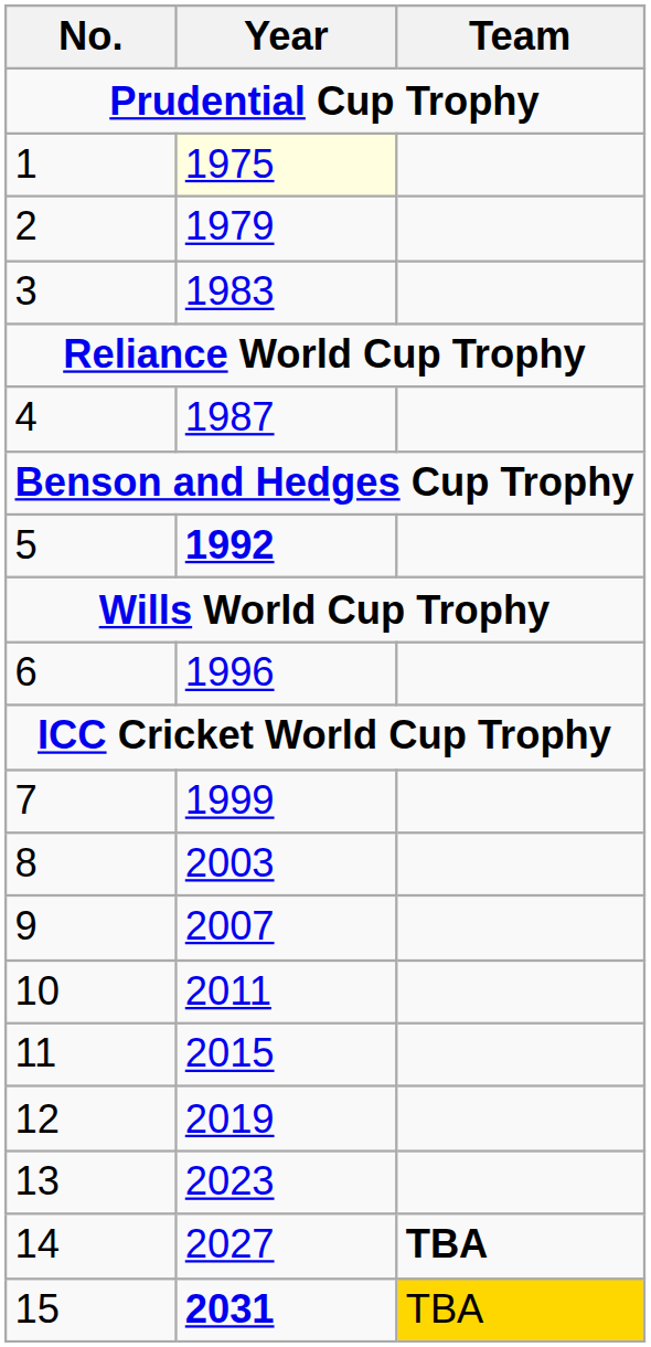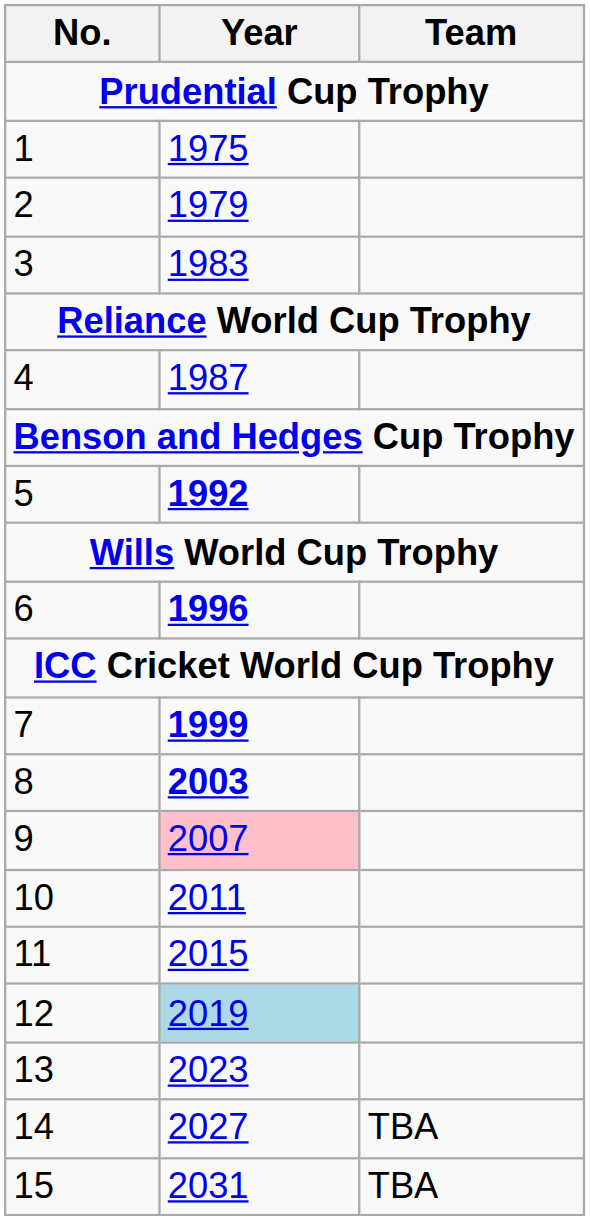 <table class="wikitable" align="center">
 <tr>
 <th scope="col">No.</th>
 <th scope="col">Year</th>
 <th scope="col">Team</th>
 </tr>
 <tr>
 <td colspan="3" style="text-align:center"><strong><a href='#'>Prudential</a> Cup Trophy</strong></td>
 </tr>
 <tr>
 <td>1</td>
-<td style="background: lightyellow;"><a href='#'>1975</a></td>
+<td><a href='#'>1975</a></td>
 <td></td>
 </tr>
 <tr>
 <td>2</td>
 <td><a href='#'>1979</a></td>
 <td></td>
 </tr>
 <tr>
 <td>3</td>
 <td><a href='#'>1983</a></td>
 <td></td>
 </tr>
 <tr>
 <td colspan="3" style="text-align:center"><strong><a href='#'>Reliance</a> World Cup Trophy</strong></td>
 </tr>
 <tr>
 <td>4</td>
 <td><a href='#'>1987</a></td>
 <td></td>
 </tr>
 <tr>
 <td colspan="4" style="text-align:center"><strong><a href='#'>Benson and Hedges</a> Cup Trophy</strong></td>
 </tr>
 <tr>
 <td>5</td>
 <td><strong><a href='#'>1992</a></strong></td>
 <td></td>
 </tr>
 <tr>
 <td colspan="3" style="text-align:center"><strong><a href='#'>Wills</a> World Cup Trophy</strong></td>
 </tr>
 <tr>
 <td>6</td>
-<td><a href='#'>1996</a></td>
+<td><strong><a href='#'>1996</a></strong></td>
 <td></td>
 </tr>
 <tr>
 <td colspan="3" style="text-align:center"><strong><a href='#'>ICC</a> Cricket World Cup Trophy</strong></td>
 </tr>
 <tr>
 <td>7</td>
-<td><a href='#'>1999</a></td>
+<td><strong><a href='#'>1999</a></strong></td>
 <td></td>
 </tr>
 <tr>
 <td>8</td>
-<td><a href='#'>2003</a></td>
+<td><strong><a href='#'>2003</a></strong></td>
 <td></td>
 </tr>
 <tr>
 <td>9</td>
-<td><a href='#'>2007</a></td>
+<td style="background: pink;"><a href='#'>2007</a></td>
 <td></td>
 </tr>
 <tr>
 <td>10</td>
 <td><a href='#'>2011</a></td>
 <td></td>
 </tr>
 <tr>
 <td>11</td>
 <td><a href='#'>2015</a></td>
 <td></td>
 </tr>
 <tr>
 <td>12</td>
-<td><a href='#'>2019</a></td>
+<td style="background: lightblue;"><a href='#'>2019</a></td>
 <td></td>
 </tr>
 <tr>
 <td>13</td>
 <td><a href='#'>2023</a></td>
 <td></td>
 </tr>
 <tr>
 <td>14</td>
 <td><a href='#'>2027</a></td>
-<td><strong>TBA</strong></td>
+<td>TBA</td>
 </tr>
 <tr>
 <td>15</td>
-<td><strong><a href='#'>2031</a></strong></td>
-<td style="background: gold;">TBA</td>
+<td><a href='#'>2031</a></td>
+<td>TBA</td>
 </tr>
 </table>
